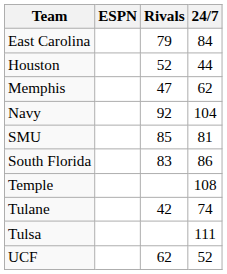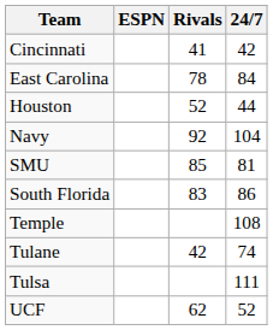 <table class="wikitable">
 <tr>
 <th>Team</th>
 <th>ESPN</th>
 <th>Rivals</th>
 <th>24/7</th>
 </tr>
 <tr>
+<td>Cincinnati</td>
+<td style="text-align:center; background:white"></td>
+<td style="text-align:center; background:white">41</td>
+<td style="text-align:center; background:white">42</td>
+</tr>
+<tr>
 <td>East Carolina</td>
 <td style="text-align:center; background:white"></td>
-<td style="text-align:center; background:white">79</td>
+<td style="text-align:center; background:white">78</td>
 <td style="text-align:center; background:white">84</td>
 </tr>
 <tr>
 <td>Houston</td>
 <td style="text-align:center; background:white"></td>
 <td style="text-align:center; background:white">52</td>
 <td style="text-align:center; background:white">44</td>
-</tr>
-<tr>
-<td>Memphis</td>
-<td style="text-align:center; background:white"></td>
-<td style="text-align:center; background:white">47</td>
-<td style="text-align:center; background:white">62</td>
 </tr>
 <tr>
 <td>Navy</td>
 <td style="text-align:center; background:white"></td>
 <td style="text-align:center; background:white">92</td>
 <td style="text-align:center; background:white">104</td>
 </tr>
 <tr>
 <td>SMU</td>
 <td style="text-align:center; background:white"></td>
 <td style="text-align:center; background:white">85</td>
 <td style="text-align:center; background:white">81</td>
 </tr>
 <tr>
 <td>South Florida</td>
 <td style="text-align:center; background:white"></td>
 <td style="text-align:center; background:white">83</td>
 <td style="text-align:center; background:white">86</td>
 </tr>
 <tr>
 <td>Temple</td>
 <td style="text-align:center; background:white"></td>
 <td style="text-align:center; background:white"></td>
 <td style="text-align:center; background:white">108</td>
 </tr>
 <tr>
 <td>Tulane</td>
 <td style="text-align:center; background:white"></td>
 <td style="text-align:center; background:white">42</td>
 <td style="text-align:center; background:white">74</td>
 </tr>
 <tr>
 <td>Tulsa</td>
 <td style="text-align:center; background:white"></td>
 <td style="text-align:center; background:white"></td>
 <td style="text-align:center; background:white">111</td>
 </tr>
 <tr>
 <td>UCF</td>
 <td style="text-align:center; background:white"></td>
 <td style="text-align:center; background:white">62</td>
 <td style="text-align:center; background:white">52</td>
 </tr>
 </table>
